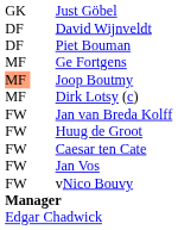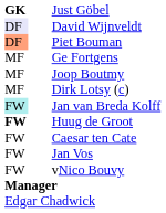 <table cellspacing="0" cellpadding="0" style="font-size:90%; margin:0.2em auto;">
 <tr>
 <th width="25"></th>
 <th width="25"></th>
 </tr>
 <tr>
-<td>GK</td>
+<td><strong>GK</strong></td>
 <td></td>
 <td><a href='#'>Just Göbel</a></td>
 </tr>
 <tr>
-<td>DF</td>
+<td style="background: lavender;">DF</td>
 <td></td>
 <td><a href='#'>David Wijnveldt</a></td>
 </tr>
 <tr>
-<td>DF</td>
+<td style="background: lightsalmon;">DF</td>
 <td></td>
 <td><a href='#'>Piet Bouman</a></td>
 </tr>
 <tr>
 <td>MF</td>
 <td></td>
 <td><a href='#'>Ge Fortgens</a></td>
 </tr>
 <tr>
-<td style="background: lightsalmon;">MF</td>
+<td>MF</td>
 <td></td>
 <td><a href='#'>Joop Boutmy</a></td>
 </tr>
 <tr>
 <td>MF</td>
 <td></td>
 <td><a href='#'>Dirk Lotsy</a> (<a href='#'>c</a>)</td>
 </tr>
 <tr>
-<td>FW</td>
+<td style="background: paleturquoise;">FW</td>
 <td></td>
 <td><a href='#'>Jan van Breda Kolff</a></td>
 </tr>
 <tr>
-<td>FW</td>
+<td><strong>FW</strong></td>
 <td></td>
 <td><a href='#'>Huug de Groot</a></td>
 </tr>
 <tr>
 <td>FW</td>
 <td></td>
 <td><a href='#'>Caesar ten Cate</a></td>
 </tr>
 <tr>
 <td>FW</td>
 <td></td>
 <td><a href='#'>Jan Vos</a></td>
 </tr>
 <tr>
 <td>FW</td>
 <td></td>
 <td>v<a href='#'>Nico Bouvy</a></td>
 </tr>
 <tr>
 <td colspan=3><strong>Manager</strong></td>
 </tr>
 <tr>
 <td colspan=4> <a href='#'>Edgar Chadwick</a></td>
 </tr>
 </table>
